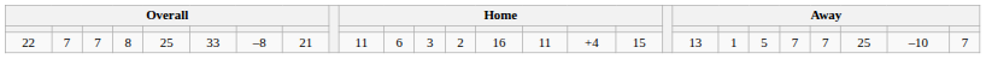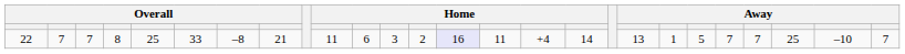 <table class="wikitable" style="text-align: center; width:60%">
 <tr>
 <th colspan="8">Overall</th>
 <th rowspan="3" width="1%"></th>
 <th colspan="8">Home</th>
 <th rowspan="3" width="1%"></th>
 <th colspan="8">Away</th>
 </tr>
 <tr>
 <th></th>
 <th></th>
 <th></th>
 <th></th>
 <th></th>
 <th></th>
 <th></th>
 <th></th>
 <th></th>
 <th></th>
 <th></th>
 <th></th>
 <th></th>
 <th></th>
 <th></th>
 <th></th>
 <th></th>
 <th></th>
 <th></th>
 <th></th>
 <th></th>
 <th></th>
 <th></th>
 <th></th>
 </tr>
 <tr>
 <td>22</td>
 <td>7</td>
 <td>7</td>
 <td>8</td>
 <td>25</td>
 <td>33</td>
 <td>–8</td>
 <td>21</td>
 <td>11</td>
 <td>6</td>
 <td>3</td>
 <td>2</td>
-<td>16</td>
+<td style="background: lavender;">16</td>
 <td>11</td>
 <td>+4</td>
-<td>15</td>
+<td>14</td>
 <td>13</td>
 <td>1</td>
 <td>5</td>
 <td>7</td>
 <td>7</td>
 <td>25</td>
 <td>–10</td>
 <td>7</td>
 </tr>
 </table>
